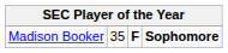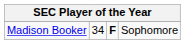 <table class="wikitable" style="text-align:center">
 <tr>
 <th colspan="6">SEC Player of the Year</th>
 </tr>
 <tr>
 </tr>
 <tr>
 <td><a href='#'>Madison Booker</a></td>
-<td>35</td>
+<td>34</td>
 <td><strong>F</strong></td>
-<td><strong>Sophomore</strong></td>
+<td>Sophomore</td>
 </tr>
 </table>
